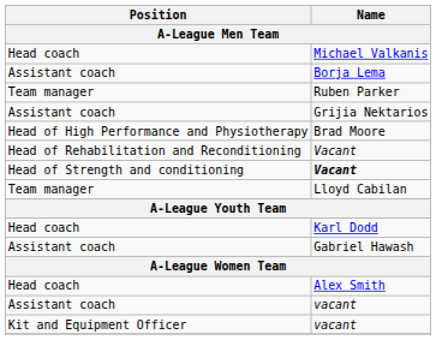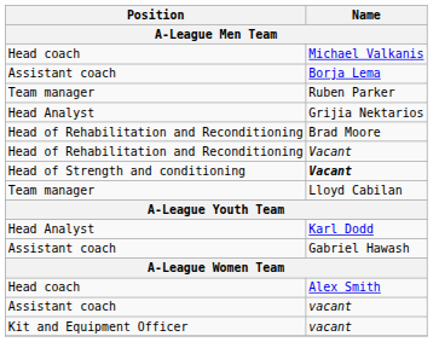 <table class="wikitable">
 <tr>
 <th>Position</th>
 <th>Name</th>
 </tr>
 <tr>
 <th colspan=2>A-League Men Team</th>
 </tr>
 <tr>
 <td>Head coach</td>
 <td> <a href='#'>Michael Valkanis</a></td>
 </tr>
 <tr>
 <td>Assistant coach</td>
 <td> <a href='#'>Borja Lema</a></td>
 </tr>
 <tr>
 <td>Team manager</td>
 <td> Ruben Parker</td>
 </tr>
 <tr>
-<td>Assistant coach</td>
+<td>Head Analyst</td>
 <td> Grijia Nektarios</td>
 </tr>
 <tr>
-<td>Head of High Performance and Physiotherapy</td>
+<td>Head of Rehabilitation and Reconditioning</td>
 <td> Brad Moore</td>
 </tr>
 <tr>
 <td>Head of Rehabilitation and Reconditioning</td>
 <td><em>Vacant</em></td>
 </tr>
 <tr>
 <td>Head of Strength and conditioning</td>
 <td><strong><em>Vacant</em></strong></td>
 </tr>
 <tr>
 <td>Team manager</td>
 <td> Lloyd Cabilan</td>
 </tr>
 <tr>
 <th colspan=2>A-League Youth Team</th>
 </tr>
 <tr>
-<td>Head coach</td>
+<td>Head Analyst</td>
 <td> <a href='#'>Karl Dodd</a></td>
 </tr>
 <tr>
 <td>Assistant coach</td>
 <td> Gabriel Hawash</td>
 </tr>
 <tr>
 <th colspan=2>A-League Women Team</th>
 </tr>
 <tr>
 <td>Head coach</td>
 <td> <a href='#'>Alex Smith</a></td>
 </tr>
 <tr>
 <td>Assistant coach</td>
 <td><em>vacant</em></td>
 </tr>
 <tr>
 <td>Kit and Equipment Officer</td>
 <td><em>vacant</em></td>
 </tr>
 <tr>
 </tr>
 </table>
